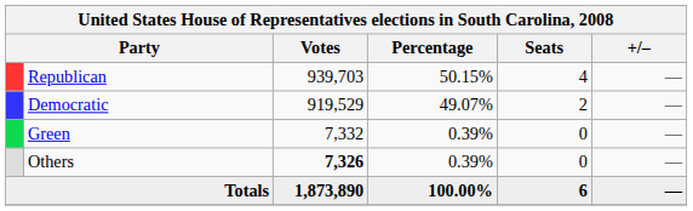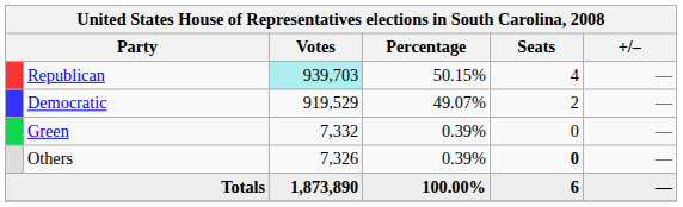 <table class="wikitable" style="font-size: 95%;">
 <tr>
 <th colspan="6">United States House of Representatives elections in South Carolina, 2008</th>
 </tr>
 <tr>
 <th colspan=2 style="width: 15em">Party</th>
 <th style="width: 5em">Votes</th>
 <th style="width: 7em">Percentage</th>
 <th style="width: 5em">Seats</th>
 <th style="width: 5em">+/–</th>
 </tr>
 <tr>
 <th style="background-color:#FF3333; width: 3px"></th>
 <td style="width: 130px"><a href='#'>Republican</a></td>
-<td align="right">939,703</td>
+<td align="right" style="background: paleturquoise;">939,703</td>
 <td align="right">50.15%</td>
 <td align="right">4</td>
 <td align="right">—</td>
 </tr>
 <tr>
 <th style="background-color:#3333FF; width: 3px"></th>
 <td style="width: 130px"><a href='#'>Democratic</a></td>
 <td align="right">919,529</td>
 <td align="right">49.07%</td>
 <td align="right">2</td>
 <td align="right">—</td>
 </tr>
 <tr>
 <th style="background-color:#0BDA51; width: 3px"></th>
 <td style="width: 130px"><a href='#'>Green</a></td>
 <td align="right">7,332</td>
 <td align="right">0.39%</td>
 <td align="right">0</td>
 <td align="right">—</td>
 </tr>
 <tr>
 <th style="background-color:#DDDDDD; width: 3px"></th>
 <td style="width: 130px">Others</td>
-<td align="right"><strong>7,326</strong></td>
+<td align="right">7,326</td>
 <td align="right">0.39%</td>
-<td align="right">0</td>
+<td align="right"><strong>0</strong></td>
 <td align="right">—</td>
 </tr>
 <tr bgcolor="#eeeeee">
 <td colspan="2" align="right"><strong>Totals</strong></td>
 <td align="right"><strong>1,873,890</strong></td>
 <td align="right"><strong>100.00%</strong></td>
 <td align="right"><strong>6</strong></td>
 <td align="right"><strong>—</strong></td>
 </tr>
 <tr bgcolor="#eeeeee">
 </tr>
 </table>
